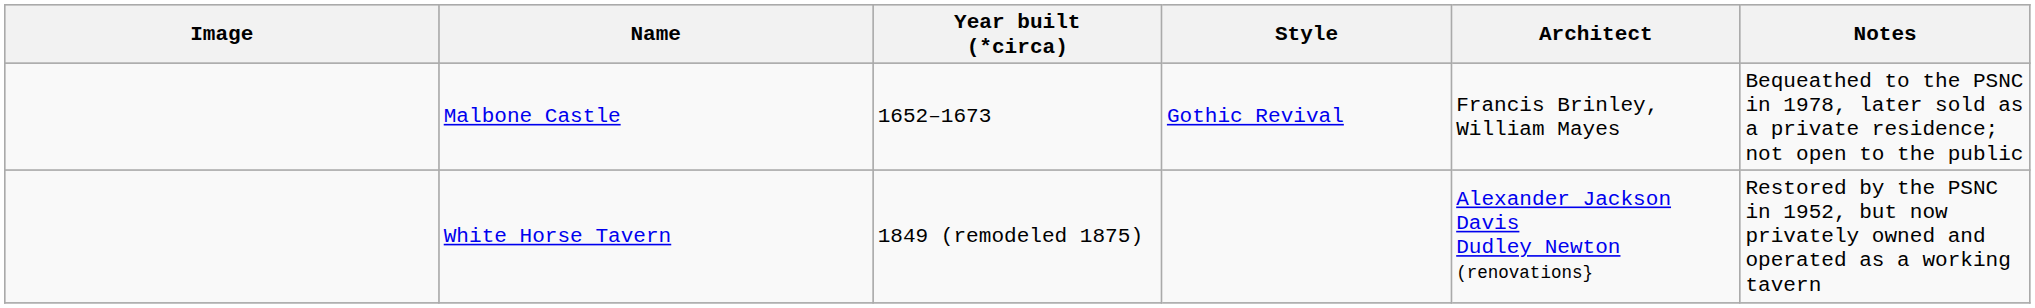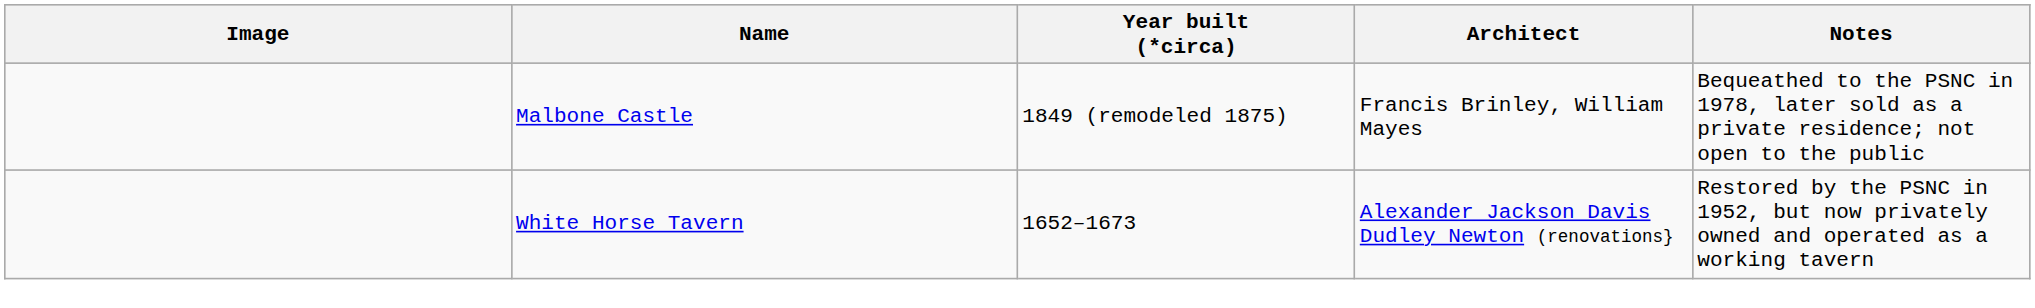 <table class="sortable wikitable">
 <tr>
 <th class="unsortable" scope="col" style="width:12%">Image</th>
 <th scope="col" style="width:12%;">Name</th>
 <th scope="col" style="width:8%;">Year built<br>(*circa)</th>
-<th scope="col" style="width:8%;">Style</th>
 <th scope="col" style="width:8%;">Architect</th>
 <th class="unsortable" scope="col" style="width:8%;">Notes</th>
 </tr>
 <tr>
 <td></td>
 <td><a href='#'>Malbone Castle</a></td>
-<td>1652–1673</td>
-<td><a href='#'>Gothic Revival</a></td>
+<td>1849 (remodeled 1875)</td>
 <td>Francis Brinley, William Mayes</td>
 <td>Bequeathed to the PSNC in 1978, later sold as a private residence; not open to the public</td>
 </tr>
 <tr>
 <td></td>
 <td><a href='#'>White Horse Tavern</a></td>
-<td>1849 (remodeled 1875)</td>
-<td></td>
+<td>1652–1673</td>
 <td><a href='#'>Alexander Jackson Davis</a><br><a href='#'>Dudley Newton</a> <small>(renovations}</small></td>
 <td>Restored by the PSNC in 1952, but now privately owned and operated as a working tavern</td>
 </tr>
 </table>
